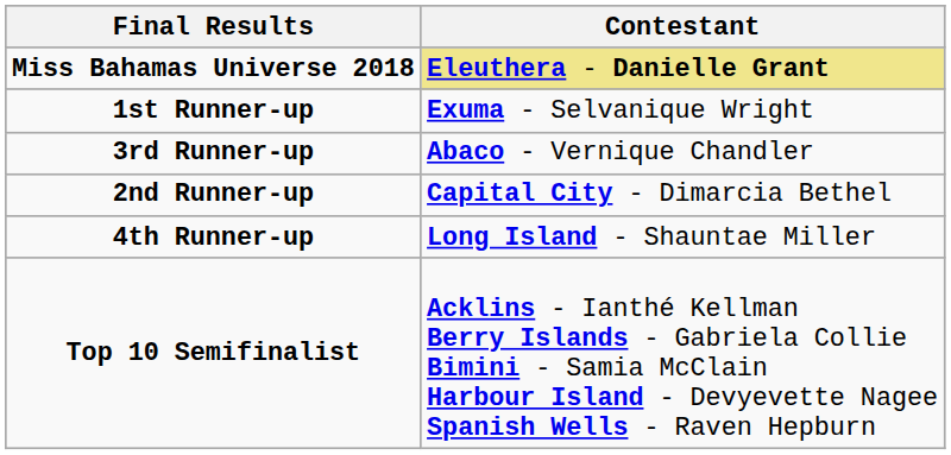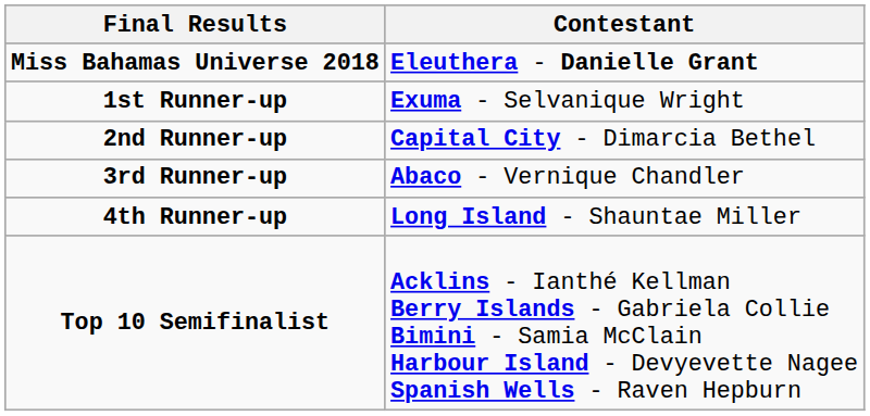 <table class="wikitable" border="1">
 <tr>
 <th>Final Results</th>
 <th>Contestant</th>
 </tr>
 <tr>
 <td style="text-align:center;"><strong>Miss Bahamas Universe 2018</strong></td>
-<td style="background: khaki;"><strong><a href='#'>Eleuthera</a></strong> - <strong>Danielle Grant</strong></td>
+<td><strong><a href='#'>Eleuthera</a></strong> - <strong>Danielle Grant</strong></td>
 </tr>
 <tr>
 <td style="text-align:center;"><strong>1st Runner-up</strong></td>
 <td><strong><a href='#'>Exuma</a></strong> - Selvanique Wright</td>
 </tr>
 <tr>
+<td style="text-align:center;"><strong>2nd Runner-up</strong></td>
+<td><strong><a href='#'>Capital City</a></strong> - Dimarcia Bethel</td>
+</tr>
+<tr>
 <td style="text-align:center;"><strong>3rd Runner-up</strong></td>
 <td><strong><a href='#'>Abaco</a></strong> - Vernique Chandler</td>
-</tr>
-<tr>
-<td style="text-align:center;"><strong>2nd Runner-up</strong></td>
-<td><strong><a href='#'>Capital City</a></strong> - Dimarcia Bethel</td>
 </tr>
 <tr>
 <td style="text-align:center;"><strong>4th Runner-up</strong></td>
 <td><strong><a href='#'>Long Island</a></strong> - Shauntae Miller</td>
 </tr>
 <tr>
 <td style="text-align:center;"><strong>Top 10 Semifinalist</strong></td>
 <td><br><strong><a href='#'>Acklins</a></strong> - Ianthé Kellman<br> <strong><a href='#'>Berry Islands</a></strong> - Gabriela Collie<br> <strong><a href='#'>Bimini</a></strong> - Samia McClain<br> <strong><a href='#'>Harbour Island</a></strong> - Devyevette Nagee<br> <strong><a href='#'>Spanish Wells</a></strong> - Raven Hepburn<br></td>
 </tr>
 </table>
